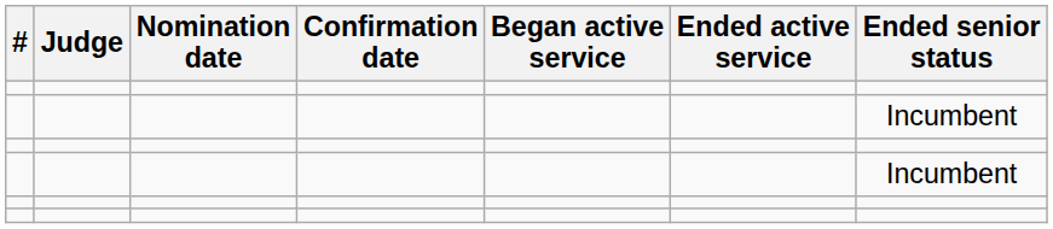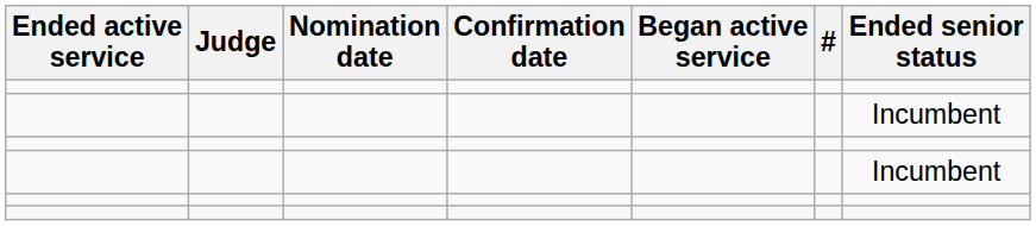 <table class="sortable wikitable">
 <tr>
-<th>#</th>
+<th>Ended active<br>service</th>
 <th>Judge</th>
 <th>Nomination<br>date</th>
 <th>Confirmation<br>date</th>
 <th>Began active<br>service</th>
-<th>Ended active<br>service</th>
+<th>#</th>
 <th>Ended senior<br>status</th>
 </tr>
 <tr>
 <td></td>
 <td></td>
 <td></td>
 <td></td>
 <td></td>
 <td></td>
 <td></td>
 </tr>
 <tr>
 <td></td>
 <td></td>
 <td></td>
 <td></td>
 <td></td>
 <td></td>
 <td align="center">Incumbent</td>
 </tr>
 <tr>
 <td></td>
 <td></td>
 <td></td>
 <td></td>
 <td></td>
 <td></td>
 <td></td>
 </tr>
 <tr>
 <td></td>
 <td></td>
 <td></td>
 <td></td>
 <td></td>
 <td></td>
 <td align="center">Incumbent</td>
 </tr>
 <tr>
 <td></td>
 <td></td>
 <td></td>
 <td></td>
 <td></td>
 <td></td>
 <td></td>
 </tr>
 <tr>
 <td></td>
 <td></td>
 <td></td>
 <td></td>
 <td></td>
 <td></td>
 <td></td>
 </tr>
 </table>
